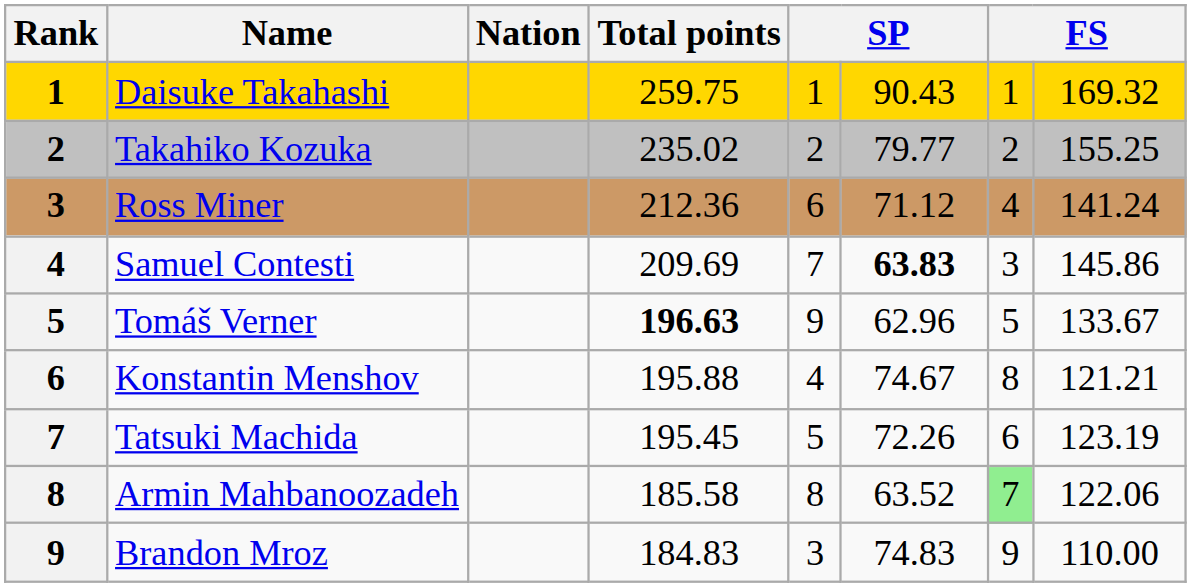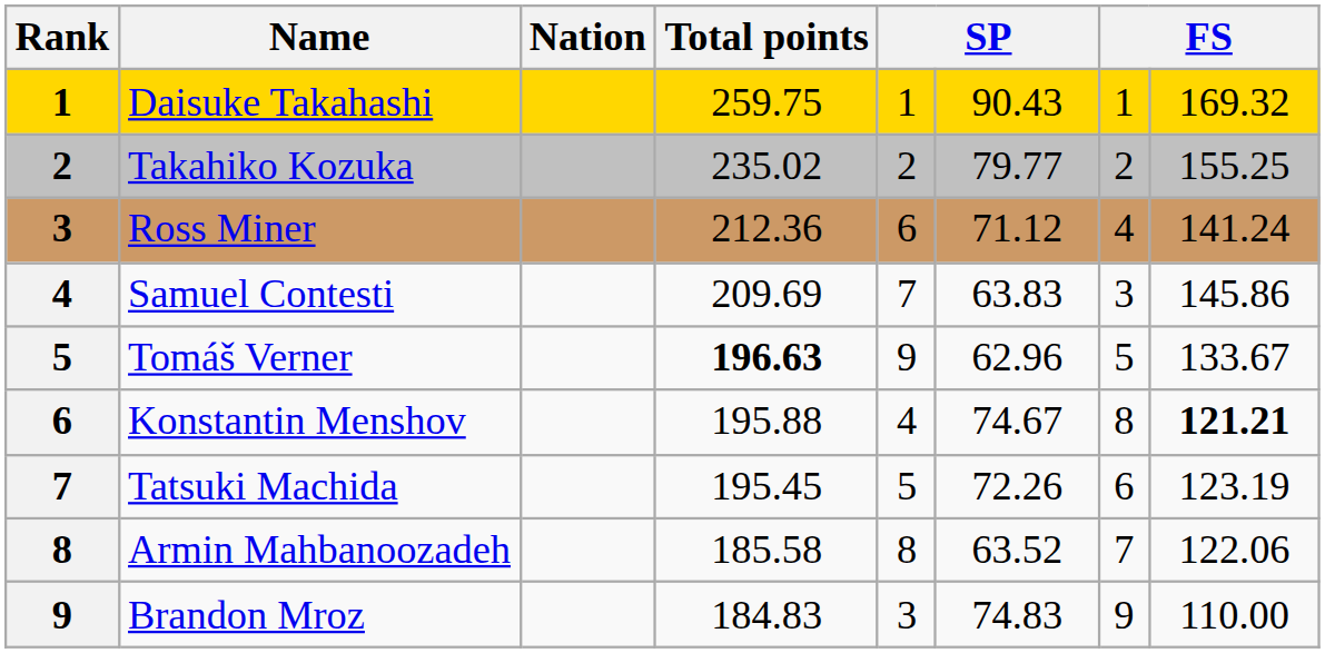 <table class="wikitable sortable">
 <tr>
 <th>Rank</th>
 <th>Name</th>
 <th>Nation</th>
 <th>Total points</th>
 <th colspan="2" width="80px"><a href='#'>SP</a></th>
 <th colspan="2" width="80px"><a href='#'>FS</a></th>
 </tr>
 <tr bgcolor="gold">
 <td align="center"><strong>1</strong></td>
 <td><a href='#'>Daisuke Takahashi</a></td>
 <td></td>
 <td align="center">259.75</td>
 <td align="center">1</td>
 <td align="center">90.43</td>
 <td align="center">1</td>
 <td align="center">169.32</td>
 </tr>
 <tr bgcolor="silver">
 <td align="center"><strong>2</strong></td>
 <td><a href='#'>Takahiko Kozuka</a></td>
 <td></td>
 <td align="center">235.02</td>
 <td align="center">2</td>
 <td align="center">79.77</td>
 <td align="center">2</td>
 <td align="center">155.25</td>
 </tr>
 <tr bgcolor="cc9966">
 <td align="center"><strong>3</strong></td>
 <td><a href='#'>Ross Miner</a></td>
 <td></td>
 <td align="center">212.36</td>
 <td align="center">6</td>
 <td align="center">71.12</td>
 <td align="center">4</td>
 <td align="center">141.24</td>
 </tr>
 <tr>
 <th>4</th>
 <td><a href='#'>Samuel Contesti</a></td>
 <td></td>
 <td align="center">209.69</td>
 <td align="center">7</td>
-<td align="center"><strong>63.83</strong></td>
+<td align="center">63.83</td>
 <td align="center">3</td>
 <td align="center">145.86</td>
 </tr>
 <tr>
 <th>5</th>
 <td><a href='#'>Tomáš Verner</a></td>
 <td></td>
 <td align="center"><strong>196.63</strong></td>
 <td align="center">9</td>
 <td align="center">62.96</td>
 <td align="center">5</td>
 <td align="center">133.67</td>
 </tr>
 <tr>
 <th>6</th>
 <td><a href='#'>Konstantin Menshov</a></td>
 <td></td>
 <td align="center">195.88</td>
 <td align="center">4</td>
 <td align="center">74.67</td>
 <td align="center">8</td>
-<td align="center">121.21</td>
+<td align="center"><strong>121.21</strong></td>
 </tr>
 <tr>
 <th>7</th>
 <td><a href='#'>Tatsuki Machida</a></td>
 <td></td>
 <td align="center">195.45</td>
 <td align="center">5</td>
 <td align="center">72.26</td>
 <td align="center">6</td>
 <td align="center">123.19</td>
 </tr>
 <tr>
 <th>8</th>
 <td><a href='#'>Armin Mahbanoozadeh</a></td>
 <td></td>
 <td align="center">185.58</td>
 <td align="center">8</td>
 <td align="center">63.52</td>
-<td align="center" style="background: lightgreen;">7</td>
+<td align="center">7</td>
 <td align="center">122.06</td>
 </tr>
 <tr>
 <th>9</th>
 <td><a href='#'>Brandon Mroz</a></td>
 <td></td>
 <td align="center">184.83</td>
 <td align="center">3</td>
 <td align="center">74.83</td>
 <td align="center">9</td>
 <td align="center">110.00</td>
 </tr>
 </table>
